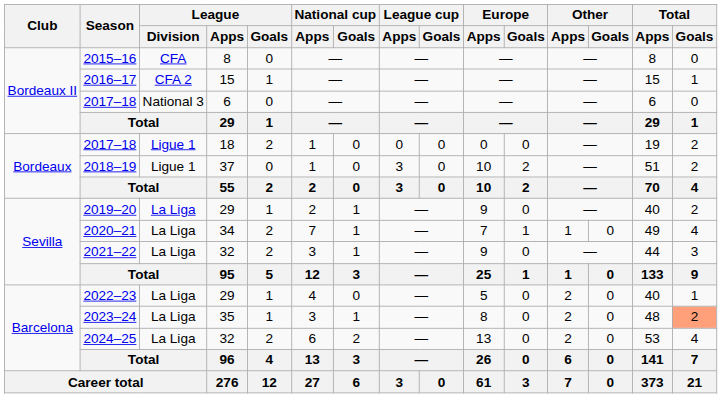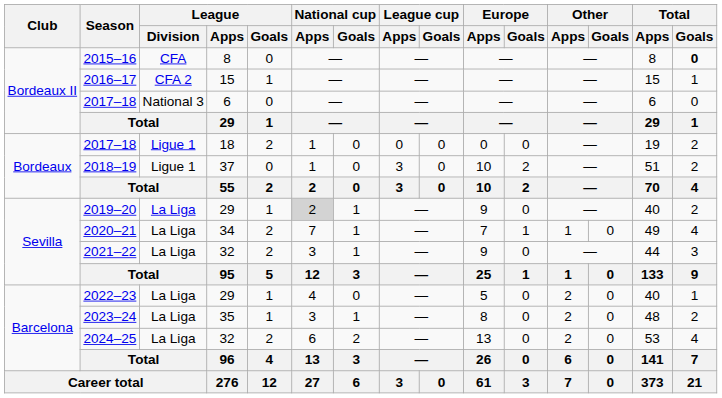 <table class="wikitable" style="text-align: center;">
 <tr>
 <th rowspan="2">Club</th>
 <th rowspan="2">Season</th>
 <th colspan="3">League</th>
 <th colspan="2">National cup</th>
 <th colspan="2">League cup</th>
 <th colspan="2">Europe</th>
 <th colspan="2">Other</th>
 <th colspan="2">Total</th>
 </tr>
 <tr>
 <th>Division</th>
 <th>Apps</th>
 <th>Goals</th>
 <th>Apps</th>
 <th>Goals</th>
 <th>Apps</th>
 <th>Goals</th>
 <th>Apps</th>
 <th>Goals</th>
 <th>Apps</th>
 <th>Goals</th>
 <th>Apps</th>
 <th>Goals</th>
 </tr>
 <tr>
 <td rowspan="4"><a href='#'>Bordeaux II</a></td>
 <td><a href='#'>2015–16</a></td>
 <td><a href='#'>CFA</a></td>
 <td>8</td>
 <td>0</td>
 <td colspan="2">—</td>
 <td colspan="2">—</td>
 <td colspan="2">—</td>
 <td colspan="2">—</td>
 <td>8</td>
-<td>0</td>
+<td><strong>0</strong></td>
 </tr>
 <tr>
 <td><a href='#'>2016–17</a></td>
 <td><a href='#'>CFA 2</a></td>
 <td>15</td>
 <td>1</td>
 <td colspan="2">—</td>
 <td colspan="2">—</td>
 <td colspan="2">—</td>
 <td colspan="2">—</td>
 <td>15</td>
 <td>1</td>
 </tr>
 <tr>
 <td><a href='#'>2017–18</a></td>
 <td>National 3</td>
 <td>6</td>
 <td>0</td>
 <td colspan="2">—</td>
 <td colspan="2">—</td>
 <td colspan="2">—</td>
 <td colspan="2">—</td>
 <td>6</td>
 <td>0</td>
 </tr>
 <tr>
 <th colspan="2">Total</th>
 <th>29</th>
 <th>1</th>
 <th colspan="2">—</th>
 <th colspan="2">—</th>
 <th colspan="2">—</th>
 <th colspan="2">—</th>
 <th>29</th>
 <th>1</th>
 </tr>
 <tr>
 <td rowspan="3"><a href='#'>Bordeaux</a></td>
 <td><a href='#'>2017–18</a></td>
 <td><a href='#'>Ligue 1</a></td>
 <td>18</td>
 <td>2</td>
 <td>1</td>
 <td>0</td>
 <td>0</td>
 <td>0</td>
 <td>0</td>
 <td>0</td>
 <td colspan="2">—</td>
 <td>19</td>
 <td>2</td>
 </tr>
 <tr>
 <td><a href='#'>2018–19</a></td>
 <td>Ligue 1</td>
 <td>37</td>
 <td>0</td>
 <td>1</td>
 <td>0</td>
 <td>3</td>
 <td>0</td>
 <td>10</td>
 <td>2</td>
 <td colspan="2">—</td>
 <td>51</td>
 <td>2</td>
 </tr>
 <tr>
 <th colspan="2">Total</th>
 <th>55</th>
 <th>2</th>
 <th>2</th>
 <th>0</th>
 <th>3</th>
 <th>0</th>
 <th>10</th>
 <th>2</th>
 <th colspan="2">—</th>
 <th>70</th>
 <th>4</th>
 </tr>
 <tr>
 <td rowspan="4"><a href='#'>Sevilla</a></td>
 <td><a href='#'>2019–20</a></td>
 <td><a href='#'>La Liga</a></td>
 <td>29</td>
 <td>1</td>
-<td>2</td>
+<td style="background: lightgrey;">2</td>
 <td>1</td>
 <td colspan="2">—</td>
 <td>9</td>
 <td>0</td>
 <td colspan="2">—</td>
 <td>40</td>
 <td>2</td>
 </tr>
 <tr>
 <td><a href='#'>2020–21</a></td>
 <td>La Liga</td>
 <td>34</td>
 <td>2</td>
 <td>7</td>
 <td>1</td>
 <td colspan="2">—</td>
 <td>7</td>
 <td>1</td>
 <td>1</td>
 <td>0</td>
 <td>49</td>
 <td>4</td>
 </tr>
 <tr>
 <td><a href='#'>2021–22</a></td>
 <td>La Liga</td>
 <td>32</td>
 <td>2</td>
 <td>3</td>
 <td>1</td>
 <td colspan="2">—</td>
 <td>9</td>
 <td>0</td>
 <td colspan="2">—</td>
 <td>44</td>
 <td>3</td>
 </tr>
 <tr>
 <th colspan="2">Total</th>
 <th>95</th>
 <th>5</th>
 <th>12</th>
 <th>3</th>
 <th colspan="2">—</th>
 <th>25</th>
 <th>1</th>
 <th>1</th>
 <th>0</th>
 <th>133</th>
 <th>9</th>
 </tr>
 <tr>
 <td rowspan="4"><a href='#'>Barcelona</a></td>
 <td><a href='#'>2022–23</a></td>
 <td>La Liga</td>
 <td>29</td>
 <td>1</td>
 <td>4</td>
 <td>0</td>
 <td colspan="2">—</td>
 <td>5</td>
 <td>0</td>
 <td>2</td>
 <td>0</td>
 <td>40</td>
 <td>1</td>
 </tr>
 <tr>
 <td><a href='#'>2023–24</a></td>
 <td>La Liga</td>
 <td>35</td>
 <td>1</td>
 <td>3</td>
 <td>1</td>
 <td colspan="2">—</td>
 <td>8</td>
 <td>0</td>
 <td>2</td>
 <td>0</td>
 <td>48</td>
-<td style="background: lightsalmon;">2</td>
+<td>2</td>
 </tr>
 <tr>
 <td><a href='#'>2024–25</a></td>
 <td>La Liga</td>
 <td>32</td>
 <td>2</td>
 <td>6</td>
 <td>2</td>
 <td colspan="2">—</td>
 <td>13</td>
 <td>0</td>
 <td>2</td>
 <td>0</td>
 <td>53</td>
 <td>4</td>
 </tr>
 <tr>
 <th colspan="2">Total</th>
 <th>96</th>
 <th>4</th>
 <th>13</th>
 <th>3</th>
 <th colspan="2">—</th>
 <th>26</th>
 <th>0</th>
 <th>6</th>
 <th>0</th>
 <th>141</th>
 <th>7</th>
 </tr>
 <tr>
 <th colspan="3">Career total</th>
 <th>276</th>
 <th>12</th>
 <th>27</th>
 <th>6</th>
 <th>3</th>
 <th>0</th>
 <th>61</th>
 <th>3</th>
 <th>7</th>
 <th>0</th>
 <th>373</th>
 <th>21</th>
 </tr>
 </table>
